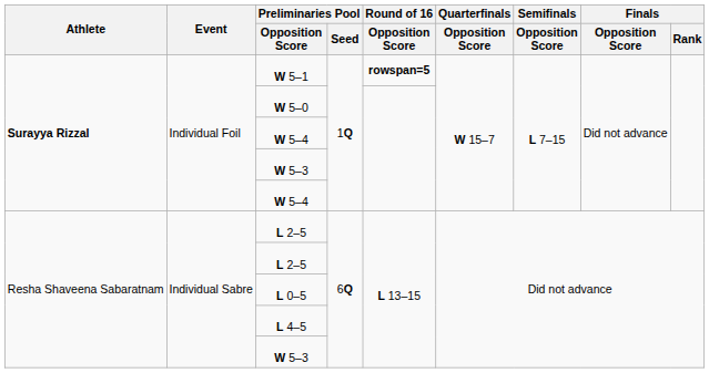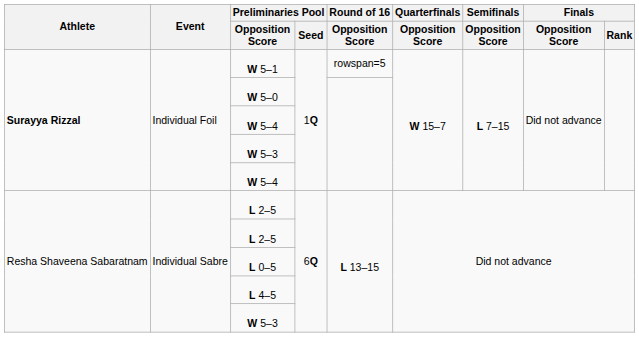 <table class="wikitable" style="font-size:90%">
 <tr>
 <th rowspan="2">Athlete</th>
 <th rowspan="2">Event</th>
 <th colspan="2">Preliminaries Pool</th>
 <th>Round of 16</th>
 <th>Quarterfinals</th>
 <th>Semifinals</th>
 <th colspan="2">Finals</th>
 </tr>
 <tr>
 <th>Opposition<br>Score</th>
 <th>Seed</th>
 <th>Opposition<br>Score</th>
 <th>Opposition<br>Score</th>
 <th>Opposition<br>Score</th>
 <th>Opposition<br>Score</th>
 <th>Rank</th>
 </tr>
 <tr align="center">
 <td rowspan=5 align="left"><strong>Surayya Rizzal</strong></td>
 <td rowspan=5 align="left">Individual Foil</td>
 <td><br><strong>W</strong> 5–1</td>
 <td rowspan=5>1<strong>Q</strong></td>
-<td><strong>rowspan=5 </strong></td>
+<td>rowspan=5 </td>
 <td rowspan=5><br><strong>W</strong> 15–7</td>
 <td rowspan=5><br><strong>L</strong> 7–15</td>
 <td rowspan=5>Did not advance</td>
 <td rowspan=5></td>
 </tr>
 <tr align="center">
 <td><br><strong>W</strong> 5–0</td>
 </tr>
 <tr align="center">
 <td><br><strong>W</strong> 5–4</td>
 </tr>
 <tr align="center">
 <td><br><strong>W</strong> 5–3</td>
 </tr>
 <tr align="center">
 <td><br><strong>W</strong> 5–4</td>
 </tr>
 <tr align="center">
 <td rowspan=5 align="left">Resha Shaveena Sabaratnam</td>
 <td rowspan=5 align="left">Individual Sabre</td>
 <td><br><strong>L</strong> 2–5</td>
 <td rowspan=5>6<strong>Q</strong></td>
 <td rowspan=5><br><strong>L</strong> 13–15</td>
 <td rowspan=5 colspan=4>Did not advance</td>
 </tr>
 <tr align="center">
 <td><br><strong>L</strong> 2–5</td>
 </tr>
 <tr align="center">
 <td><br><strong>L</strong> 0–5</td>
 </tr>
 <tr align="center">
 <td><br><strong>L</strong> 4–5</td>
 </tr>
 <tr align="center">
 <td><br><strong>W</strong> 5–3</td>
 </tr>
 </table>
